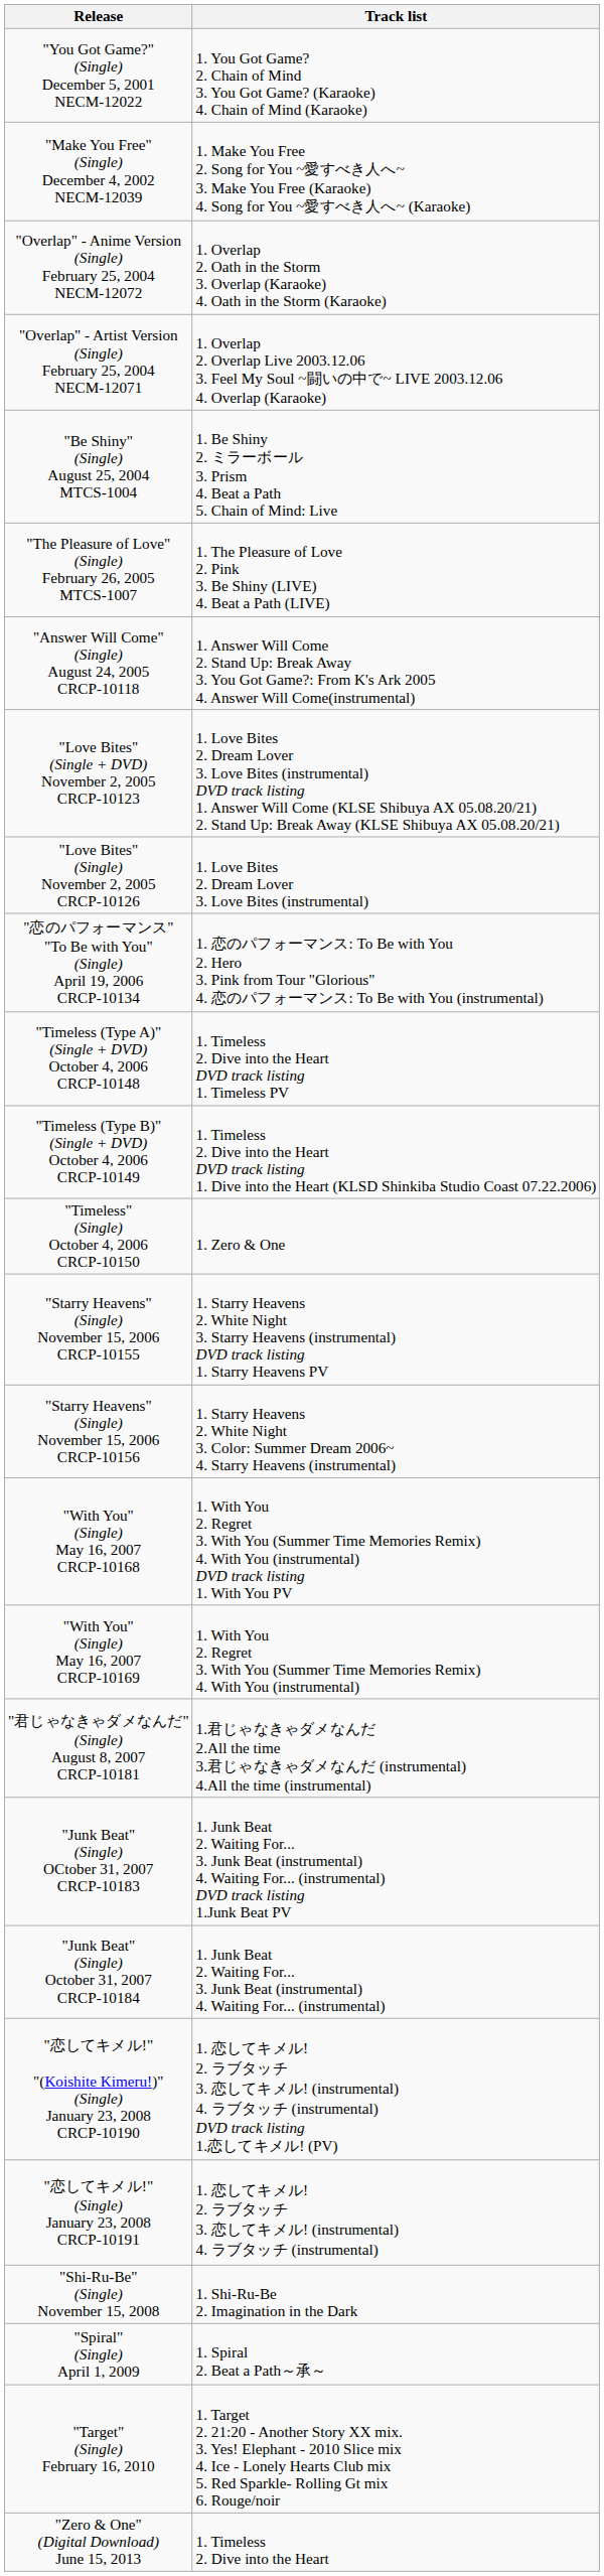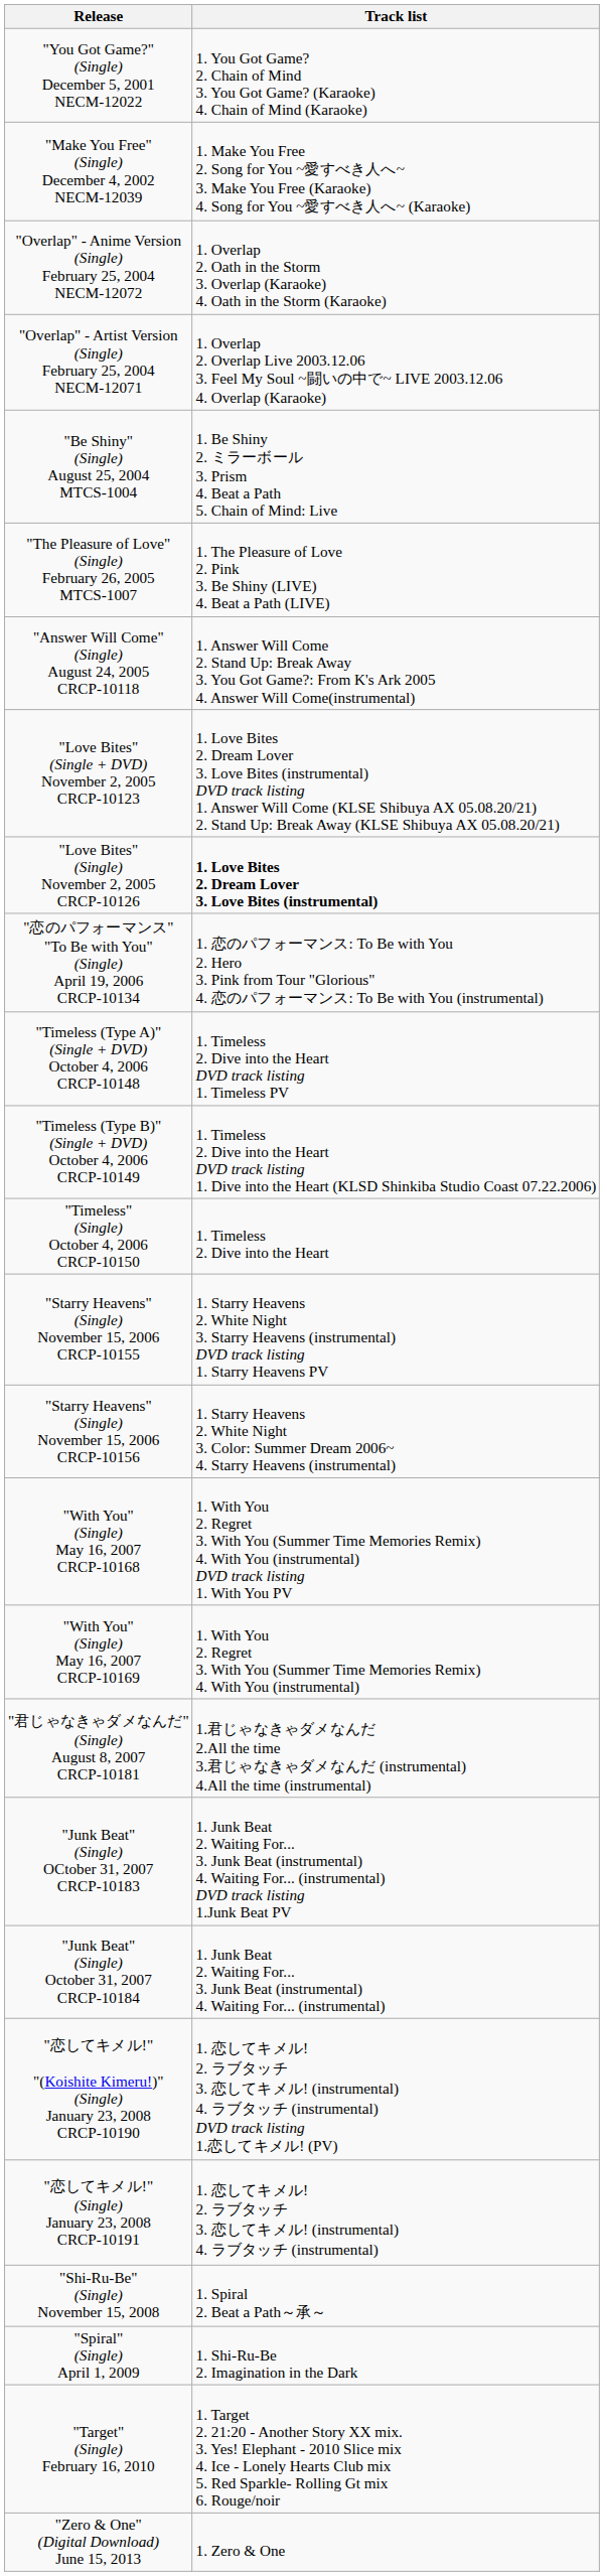 <table class="wikitable">
 <tr>
 <th>Release</th>
 <th>Track list</th>
 </tr>
 <tr>
 <td align="center">"You Got Game?"<br><em>(Single)</em><br> December 5, 2001<br> NECM-12022</td>
 <td align="left"><br>1. You Got Game?<br> 2. Chain of Mind<br> 3. You Got Game? (Karaoke)<br> 4. Chain of Mind (Karaoke)</td>
 </tr>
 <tr>
 <td align="center">"Make You Free"<br><em>(Single)</em><br> December 4, 2002<br> NECM-12039</td>
 <td align="left"><br>1. Make You Free <br> 2. Song for You ~愛すべき人へ~ <br> 3. Make You Free (Karaoke) <br> 4. Song for You ~愛すべき人へ~ (Karaoke)</td>
 </tr>
 <tr>
 <td align="center">"Overlap" - Anime Version<br><em>(Single)</em><br> February 25, 2004<br> NECM-12072</td>
 <td align="left"><br>1. Overlap <br> 2. Oath in the Storm <br> 3. Overlap (Karaoke) <br> 4. Oath in the Storm (Karaoke)</td>
 </tr>
 <tr>
 <td align="center">"Overlap" - Artist Version<br><em>(Single)</em><br> February 25, 2004<br> NECM-12071</td>
 <td align="left"><br>1. Overlap <br> 2. Overlap Live 2003.12.06 <br> 3. Feel My Soul ~闘いの中で~ LIVE 2003.12.06 <br> 4. Overlap (Karaoke)</td>
 </tr>
 <tr>
 <td align="center">"Be Shiny"<br><em>(Single)</em><br> August 25, 2004<br> MTCS-1004</td>
 <td align="left"><br>1. Be Shiny <br> 2. ミラーボール <br> 3. Prism <br> 4. Beat a Path <br> 5. Chain of Mind: Live</td>
 </tr>
 <tr>
 <td align="center">"The Pleasure of Love"<br><em>(Single)</em><br> February 26, 2005<br> MTCS-1007</td>
 <td align="left"><br>1. The Pleasure of Love <br> 2. Pink <br> 3. Be Shiny (LIVE) <br> 4. Beat a Path (LIVE)</td>
 </tr>
 <tr>
 <td align="center">"Answer Will Come"<br><em>(Single)</em><br> August 24, 2005<br> CRCP-10118</td>
 <td align="left"><br>1. Answer Will Come  <br> 2. Stand Up: Break Away  <br> 3. You Got Game?: From K's Ark 2005  <br> 4. Answer Will Come(instrumental)</td>
 </tr>
 <tr>
 <td align="center">"Love Bites"<br><em>(Single + DVD)</em><br> November 2, 2005<br> CRCP-10123</td>
 <td align="left"><br>1. Love Bites <br> 2. Dream Lover <br> 3. Love Bites (instrumental) <br> <em>DVD track listing</em> <br> 1. Answer Will Come (KLSE Shibuya AX 05.08.20/21) <br> 2. Stand Up: Break Away (KLSE Shibuya AX 05.08.20/21)</td>
 </tr>
 <tr>
 <td align="center">"Love Bites"<br><em>(Single)</em><br> November 2, 2005<br> CRCP-10126</td>
-<td align="left"><br>1. Love Bites <br> 2. Dream Lover <br> 3. Love Bites (instrumental)</td>
+<td align="left"><strong><br>1. Love Bites <br> 2. Dream Lover <br> 3. Love Bites (instrumental)</strong></td>
 </tr>
 <tr>
 <td align="center">"恋のパフォーマンス"<br>"To Be with You"<br> <em>(Single)</em><br> April 19, 2006<br> CRCP-10134</td>
 <td align="left"><br>1. 恋のパフォーマンス: To Be with You<br> 2. Hero<br> 3. Pink from Tour "Glorious"<br> 4. 恋のパフォーマンス: To Be with You (instrumental)</td>
 </tr>
 <tr>
 <td align="center">"Timeless (Type A)"<br><em>(Single + DVD)</em><br> October 4, 2006<br> CRCP-10148</td>
 <td align="left"><br>1. Timeless<br> 2. Dive into the Heart<br> <em>DVD track listing</em> <br> 1. Timeless PV</td>
 </tr>
 <tr>
 <td align="center">"Timeless (Type B)"<br><em>(Single + DVD)</em><br> October 4, 2006<br> CRCP-10149</td>
 <td align="left"><br>1. Timeless<br> 2. Dive into the Heart<br> <em>DVD track listing</em> <br> 1. Dive into the Heart (KLSD Shinkiba Studio Coast 07.22.2006)</td>
 </tr>
 <tr>
 <td align="center">"Timeless"<br><em>(Single)</em><br> October 4, 2006<br> CRCP-10150</td>
-<td align="left"><br>1. Zero & One<br></td>
+<td align="left"><br>1. Timeless<br> 2. Dive into the Heart</td>
 </tr>
 <tr>
 <td align="center">"Starry Heavens"<br><em>(Single)</em><br> November 15, 2006<br> CRCP-10155</td>
 <td align="left"><br>1. Starry Heavens<br> 2. White Night<br> 3. Starry Heavens (instrumental)<br> <em>DVD track listing</em> <br> 1. Starry Heavens PV</td>
 </tr>
 <tr>
 <td align="center">"Starry Heavens"<br><em>(Single)</em><br> November 15, 2006<br> CRCP-10156</td>
 <td align="left"><br>1. Starry Heavens<br> 2. White Night<br> 3. Color: Summer Dream 2006~<br> 4. Starry Heavens (instrumental)</td>
 </tr>
 <tr>
 <td align="center">"With You"<br><em>(Single)</em><br> May 16, 2007<br> CRCP-10168</td>
 <td align="left"><br>1. With You<br> 2. Regret<br> 3. With You (Summer Time Memories Remix)<br> 4. With You (instrumental)<br> <em>DVD track listing</em> <br> 1. With You PV</td>
 </tr>
 <tr>
 <td align="center">"With You"<br><em>(Single)</em><br> May 16, 2007<br> CRCP-10169</td>
 <td align="left"><br>1. With You<br> 2. Regret<br> 3. With You (Summer Time Memories Remix)<br> 4. With You (instrumental)</td>
 </tr>
 <tr>
 <td align="center">"君じゃなきゃダメなんだ"<br><em>(Single)</em><br> August 8, 2007<br> CRCP-10181</td>
 <td align="left"><br>1.君じゃなきゃダメなんだ<br> 2.All the time<br> 3.君じゃなきゃダメなんだ  (instrumental)<br> 4.All the time  (instrumental)</td>
 </tr>
 <tr>
 <td align="center">"Junk Beat"<br><em>(Single)</em><br> OCtober 31, 2007<br> CRCP-10183</td>
 <td align="left"><br>1. Junk Beat<br> 2. Waiting For...<br> 3. Junk Beat (instrumental)<br> 4. Waiting For... (instrumental)<br> <em>DVD track listing</em> <br> 1.Junk Beat PV</td>
 </tr>
 <tr>
 <td align="center">"Junk Beat"<br><em>(Single)</em><br> October 31, 2007<br> CRCP-10184</td>
 <td align="left"><br>1. Junk Beat<br> 2. Waiting For...<br> 3. Junk Beat (instrumental)<br> 4. Waiting For... (instrumental)</td>
 </tr>
 <tr>
 <td align="center">"恋してキメル!"<br><br>"(<a href='#'>Koishite Kimeru!</a>)"<br> <em>(Single)</em><br> January 23, 2008<br> CRCP-10190</td>
 <td align="left"><br>1. 恋してキメル!<br> 2. ラブタッチ<br> 3. 恋してキメル! (instrumental)<br> 4. ラブタッチ (instrumental)<br> <em>DVD track listing</em> <br> 1.恋してキメル! (PV)</td>
 </tr>
 <tr>
 <td align="center">"恋してキメル!"<br><em>(Single)</em><br> January 23, 2008<br> CRCP-10191</td>
 <td align="left"><br>1. 恋してキメル!<br> 2. ラブタッチ<br> 3. 恋してキメル! (instrumental)<br> 4. ラブタッチ (instrumental)</td>
 </tr>
 <tr>
 <td align="center">"Shi-Ru-Be"<br><em>(Single)</em><br> November 15, 2008<br></td>
-<td align="left"><br>1. Shi-Ru-Be<br> 2. Imagination in the Dark</td>
+<td align="left"><br>1. Spiral<br> 2. Beat a Path～承～</td>
 </tr>
 <tr>
 <td align="center">"Spiral"<br><em>(Single)</em><br> April 1, 2009<br></td>
-<td align="left"><br>1. Spiral<br> 2. Beat a Path～承～</td>
+<td align="left"><br>1. Shi-Ru-Be<br> 2. Imagination in the Dark</td>
 </tr>
 <tr>
 <td align="center">"Target"<br><em>(Single)</em><br> February 16, 2010<br></td>
 <td align="left"><br>1. Target<br> 2. 21:20 - Another Story XX mix.<br> 3. Yes! Elephant - 2010 Slice mix<br> 4. Ice - Lonely Hearts Club mix<br> 5. Red Sparkle- Rolling Gt mix<br> 6. Rouge/noir</td>
 </tr>
 <tr>
 <td align="center">"Zero & One"<br><em>(Digital Download)</em><br> June 15, 2013<br></td>
-<td align="left"><br>1. Timeless<br> 2. Dive into the Heart</td>
+<td align="left"><br>1. Zero & One<br></td>
 </tr>
 </table>
